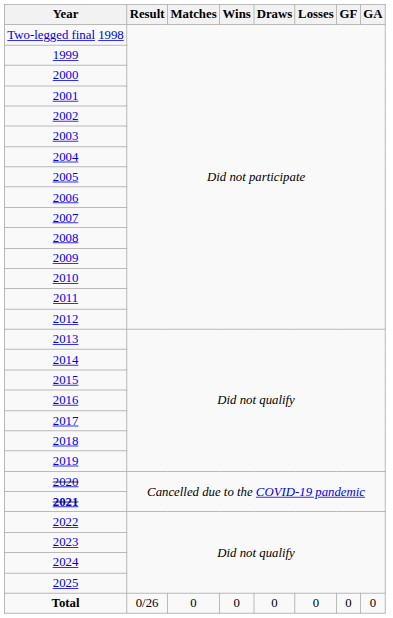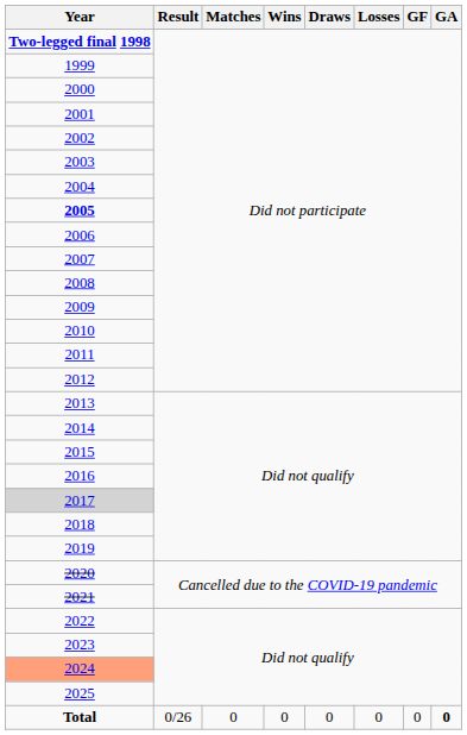 <table class="wikitable" style="text-align: center;">
 <tr>
 <th>Year</th>
 <th>Result</th>
 <th>Matches</th>
 <th>Wins</th>
 <th>Draws</th>
 <th>Losses</th>
 <th>GF</th>
 <th>GA</th>
 </tr>
 <tr>
-<td><a href='#'>Two-legged final</a> <a href='#'>1998</a></td>
+<td><strong><a href='#'>Two-legged final</a> <a href='#'>1998</a></strong></td>
 <td colspan=7 rowspan=15><em>Did not participate</em></td>
 </tr>
 <tr>
 <td> <a href='#'>1999</a></td>
 </tr>
 <tr>
 <td> <a href='#'>2000</a></td>
 </tr>
 <tr>
 <td> <a href='#'>2001</a></td>
 </tr>
 <tr>
 <td> <a href='#'>2002</a></td>
 </tr>
 <tr>
 <td> <a href='#'>2003</a></td>
 </tr>
 <tr>
 <td> <a href='#'>2004</a></td>
 </tr>
 <tr>
-<td> <a href='#'>2005</a></td>
+<td><strong> <a href='#'>2005</a></strong></td>
 </tr>
 <tr>
 <td> <a href='#'>2006</a></td>
 </tr>
 <tr>
 <td> <a href='#'>2007</a></td>
 </tr>
 <tr>
 <td> <a href='#'>2008</a></td>
 </tr>
 <tr>
 <td> <a href='#'>2009</a></td>
 </tr>
 <tr>
 <td> <a href='#'>2010</a></td>
 </tr>
 <tr>
 <td> <a href='#'>2011</a></td>
 </tr>
 <tr>
 <td> <a href='#'>2012</a></td>
 </tr>
 <tr>
 <td> <a href='#'>2013</a></td>
 <td colspan=7 rowspan=7><em>Did not qualify</em></td>
 </tr>
 <tr>
 <td> <a href='#'>2014</a></td>
 </tr>
 <tr>
 <td> <a href='#'>2015</a></td>
 </tr>
 <tr>
 <td> <a href='#'>2016</a></td>
 </tr>
 <tr>
-<td> <a href='#'>2017</a></td>
+<td style="background: lightgrey;"> <a href='#'>2017</a></td>
 </tr>
 <tr>
 <td> <a href='#'>2018</a></td>
 </tr>
 <tr>
 <td> <a href='#'>2019</a></td>
 </tr>
 <tr>
 <td> <s><a href='#'>2020</a></s></td>
 <td colspan=7 rowspan=2><em>Cancelled due to the <a href='#'>COVID-19 pandemic</a></em></td>
 </tr>
 <tr>
-<td><strong> <s><a href='#'>2021</a></s></strong></td>
+<td> <s><a href='#'>2021</a></s></td>
 </tr>
 <tr>
 <td> <a href='#'>2022</a></td>
 <td colspan=7 rowspan=4><em>Did not qualify</em></td>
 </tr>
 <tr>
 <td> <a href='#'>2023</a></td>
 </tr>
 <tr>
-<td> <a href='#'>2024</a></td>
+<td style="background: lightsalmon;"> <a href='#'>2024</a></td>
 </tr>
 <tr>
 <td> <a href='#'>2025</a></td>
 </tr>
 <tr>
 <td><strong>Total</strong></td>
 <td>0/26</td>
 <td>0</td>
 <td>0</td>
 <td>0</td>
 <td>0</td>
 <td>0</td>
-<td>0</td>
+<td><strong>0</strong></td>
 </tr>
 </table>
